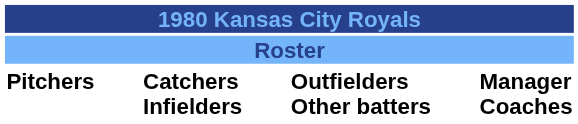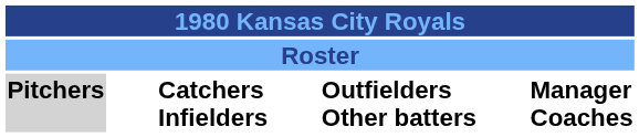 <table class="toccolours" style="font-size: 95%;">
 <tr>
 <th colspan="10" style="background-color: #27408B; color: #74B4FA; text-align: center;">1980 Kansas City Royals</th>
 </tr>
 <tr>
 <td colspan="10" style="background-color: #74B4FA; color: #27408B; text-align: center;"><strong>Roster</strong></td>
 </tr>
 <tr>
-<td valign="top"><strong>Pitchers</strong><br>             </td>
+<td valign="top" style="background: lightgrey;"><strong>Pitchers</strong><br>             </td>
 <td width="25px"></td>
 <td valign="top"><strong>Catchers</strong><br>  <strong>Infielders</strong>           </td>
 <td width="25px"></td>
 <td valign="top"><strong>Outfielders</strong><br>         <strong>Other batters</strong> </td>
 <td width="25px"></td>
 <td valign="top"><strong>Manager</strong><br> <strong>Coaches</strong>    </td>
 </tr>
 <tr>
 </tr>
 </table>
